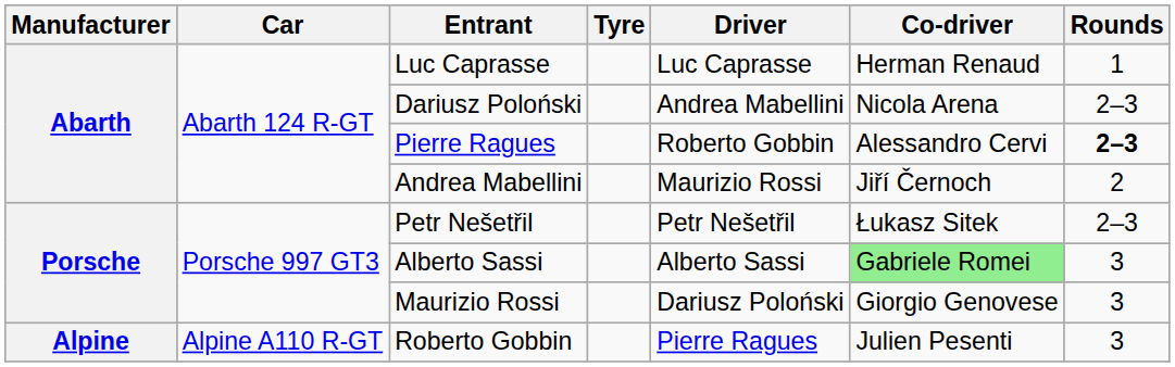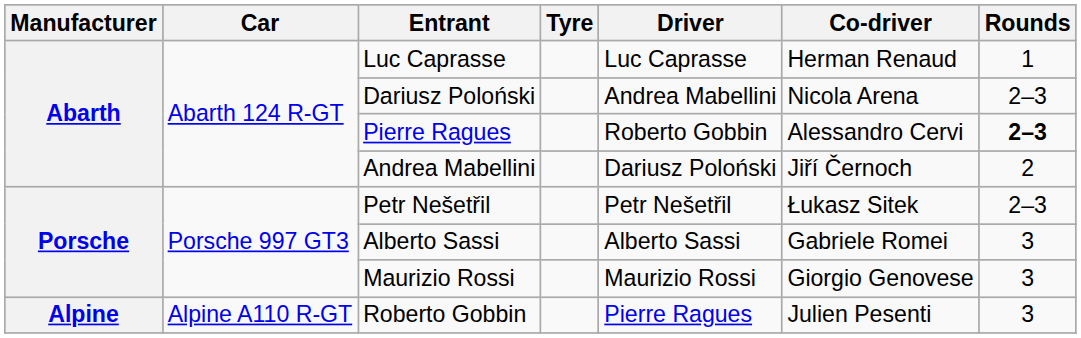 <table class="wikitable" style="font-size:85%">
 <tr>
 <th>Manufacturer</th>
 <th>Car</th>
 <th>Entrant</th>
 <th>Tyre</th>
 <th>Driver</th>
 <th>Co-driver</th>
 <th>Rounds</th>
 </tr>
 <tr>
 <th rowspan="4"><a href='#'>Abarth</a></th>
 <td rowspan="4"><a href='#'>Abarth 124 R-GT</a></td>
 <td> Luc Caprasse</td>
 <td align="center"></td>
 <td> Luc Caprasse</td>
 <td> Herman Renaud</td>
 <td align="center">1</td>
 </tr>
 <tr>
 <td> Dariusz Poloński</td>
 <td align="center"></td>
 <td> Andrea Mabellini</td>
 <td> Nicola Arena</td>
 <td align="center">2–3</td>
 </tr>
 <tr>
 <td> <a href='#'>Pierre Ragues</a></td>
 <td align="center"></td>
 <td> Roberto Gobbin</td>
 <td> Alessandro Cervi</td>
 <td align="center"><strong>2–3</strong></td>
 </tr>
 <tr>
 <td> Andrea Mabellini</td>
 <td align="center"></td>
-<td> Maurizio Rossi</td>
+<td> Dariusz Poloński</td>
 <td> Jiří Černoch</td>
 <td align="center">2</td>
 </tr>
 <tr>
 <th rowspan="3"><a href='#'>Porsche</a></th>
 <td rowspan="3"><a href='#'>Porsche 997 GT3</a></td>
 <td> Petr Nešetřil</td>
 <td align="center"></td>
 <td> Petr Nešetřil</td>
 <td> Łukasz Sitek</td>
 <td align="center">2–3</td>
 </tr>
 <tr>
 <td> Alberto Sassi</td>
 <td align="center"></td>
 <td> Alberto Sassi</td>
-<td style="background: lightgreen;"> Gabriele Romei</td>
+<td> Gabriele Romei</td>
 <td align="center">3</td>
 </tr>
 <tr>
 <td> Maurizio Rossi</td>
 <td align="center"></td>
-<td> Dariusz Poloński</td>
+<td> Maurizio Rossi</td>
 <td> Giorgio Genovese</td>
 <td align="center">3</td>
 </tr>
 <tr>
 <th><a href='#'>Alpine</a></th>
 <td><a href='#'>Alpine A110 R-GT</a></td>
 <td> Roberto Gobbin</td>
 <td align="center"></td>
 <td> <a href='#'>Pierre Ragues</a></td>
 <td> Julien Pesenti</td>
 <td align="center">3</td>
 </tr>
 </table>
